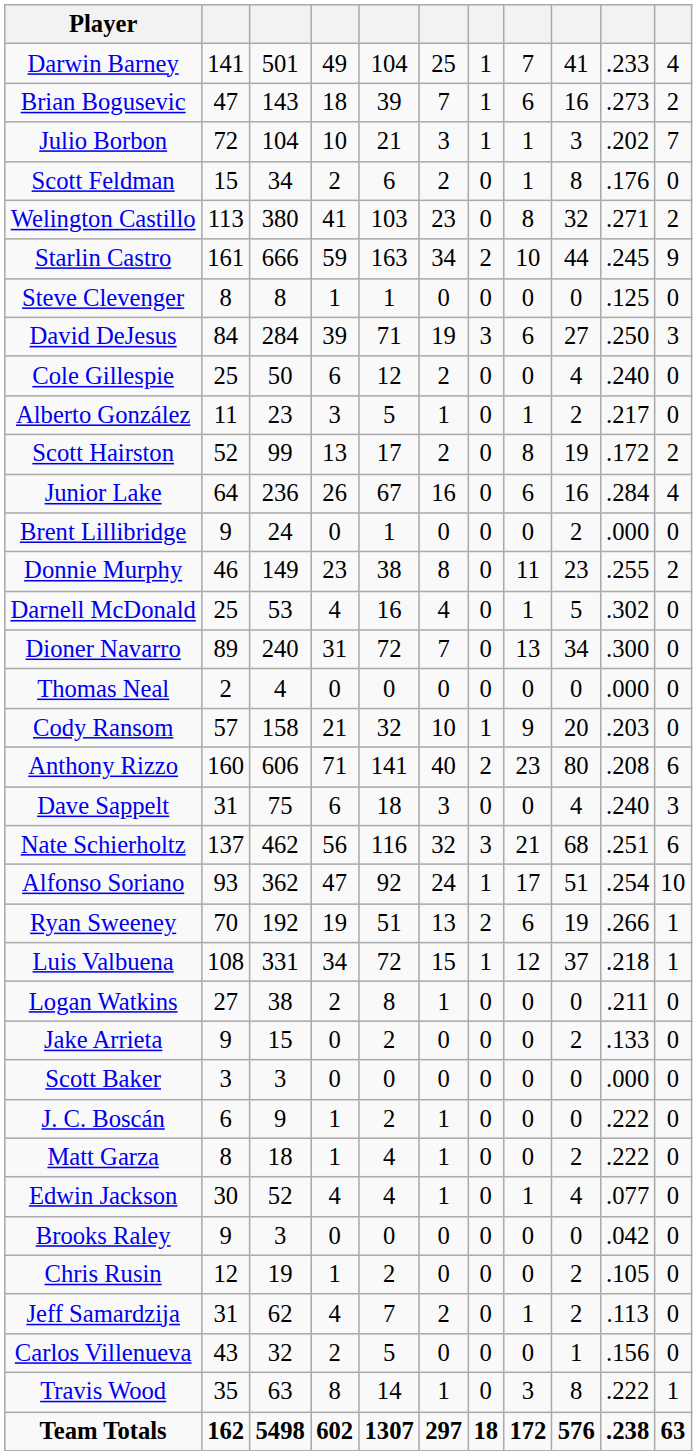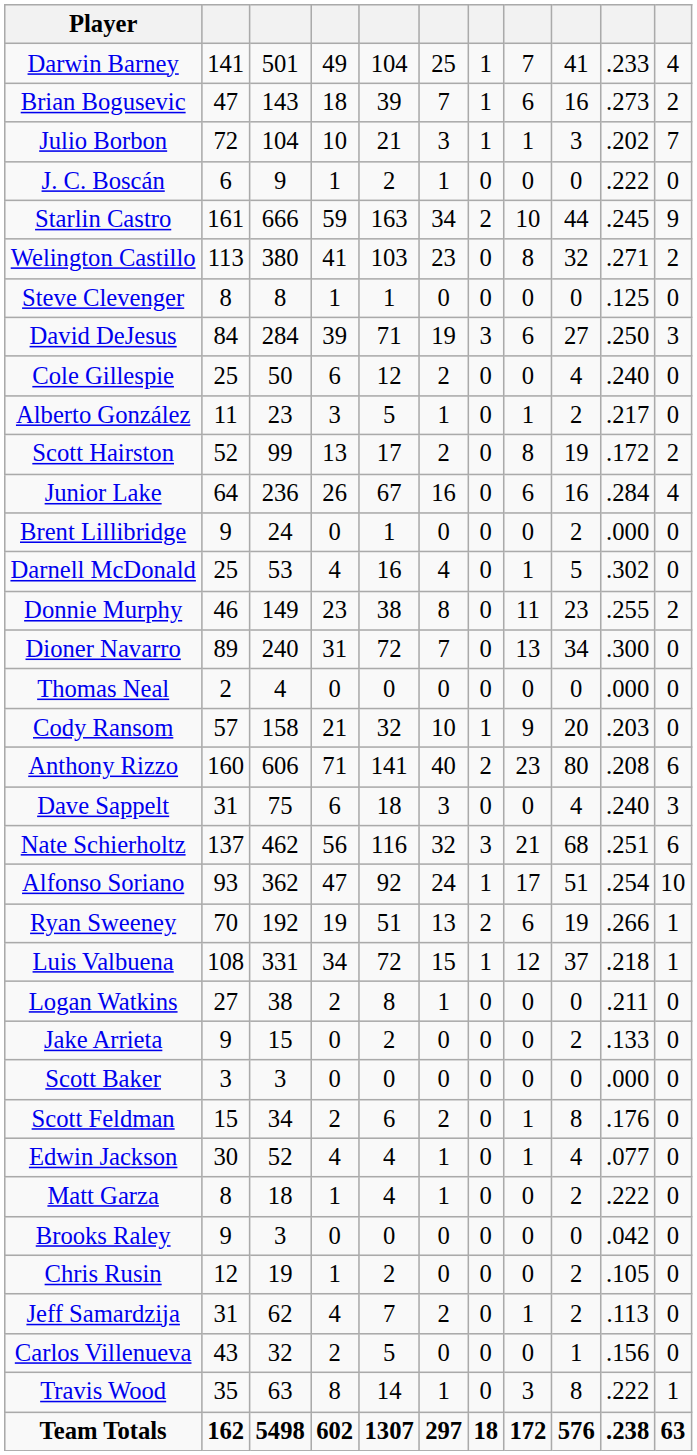 <table class="wikitable sortable" style="text-align:center;">
 <tr>
 <th>Player</th>
 <th></th>
 <th></th>
 <th></th>
 <th></th>
 <th></th>
 <th></th>
 <th></th>
 <th></th>
 <th></th>
 <th></th>
 </tr>
 <tr>
 <td><a href='#'>Darwin Barney</a></td>
 <td>141</td>
 <td>501</td>
 <td>49</td>
 <td>104</td>
 <td>25</td>
 <td>1</td>
 <td>7</td>
 <td>41</td>
 <td>.233</td>
 <td>4</td>
 </tr>
 <tr>
 <td><a href='#'>Brian Bogusevic</a></td>
 <td>47</td>
 <td>143</td>
 <td>18</td>
 <td>39</td>
 <td>7</td>
 <td>1</td>
 <td>6</td>
 <td>16</td>
 <td>.273</td>
 <td>2</td>
 </tr>
 <tr>
 <td><a href='#'>Julio Borbon</a></td>
 <td>72</td>
 <td>104</td>
 <td>10</td>
 <td>21</td>
 <td>3</td>
 <td>1</td>
 <td>1</td>
 <td>3</td>
 <td>.202</td>
 <td>7</td>
 </tr>
 <tr>
-<td><a href='#'>Scott Feldman</a></td>
-<td>15</td>
+<td><a href='#'>J. C. Boscán</a></td>
+<td>6</td>
+<td>9</td>
+<td>1</td>
+<td>2</td>
+<td>1</td>
+<td>0</td>
+<td>0</td>
+<td>0</td>
+<td>.222</td>
+<td>0</td>
+</tr>
+<tr>
+<td><a href='#'>Starlin Castro</a></td>
+<td>161</td>
+<td>666</td>
+<td>59</td>
+<td>163</td>
 <td>34</td>
 <td>2</td>
-<td>6</td>
-<td>2</td>
-<td>0</td>
-<td>1</td>
-<td>8</td>
-<td>.176</td>
-<td>0</td>
+<td>10</td>
+<td>44</td>
+<td>.245</td>
+<td>9</td>
 </tr>
 <tr>
 <td><a href='#'>Welington Castillo</a></td>
 <td>113</td>
 <td>380</td>
 <td>41</td>
 <td>103</td>
 <td>23</td>
 <td>0</td>
 <td>8</td>
 <td>32</td>
 <td>.271</td>
 <td>2</td>
-</tr>
-<tr>
-<td><a href='#'>Starlin Castro</a></td>
-<td>161</td>
-<td>666</td>
-<td>59</td>
-<td>163</td>
-<td>34</td>
-<td>2</td>
-<td>10</td>
-<td>44</td>
-<td>.245</td>
-<td>9</td>
 </tr>
 <tr>
 <td><a href='#'>Steve Clevenger</a></td>
 <td>8</td>
 <td>8</td>
 <td>1</td>
 <td>1</td>
 <td>0</td>
 <td>0</td>
 <td>0</td>
 <td>0</td>
 <td>.125</td>
 <td>0</td>
 </tr>
 <tr>
 <td><a href='#'>David DeJesus</a></td>
 <td>84</td>
 <td>284</td>
 <td>39</td>
 <td>71</td>
 <td>19</td>
 <td>3</td>
 <td>6</td>
 <td>27</td>
 <td>.250</td>
 <td>3</td>
 </tr>
 <tr>
 <td><a href='#'>Cole Gillespie</a></td>
 <td>25</td>
 <td>50</td>
 <td>6</td>
 <td>12</td>
 <td>2</td>
 <td>0</td>
 <td>0</td>
 <td>4</td>
 <td>.240</td>
 <td>0</td>
 </tr>
 <tr>
 <td><a href='#'>Alberto González</a></td>
 <td>11</td>
 <td>23</td>
 <td>3</td>
 <td>5</td>
 <td>1</td>
 <td>0</td>
 <td>1</td>
 <td>2</td>
 <td>.217</td>
 <td>0</td>
 </tr>
 <tr>
 <td><a href='#'>Scott Hairston</a></td>
 <td>52</td>
 <td>99</td>
 <td>13</td>
 <td>17</td>
 <td>2</td>
 <td>0</td>
 <td>8</td>
 <td>19</td>
 <td>.172</td>
 <td>2</td>
 </tr>
 <tr>
 <td><a href='#'>Junior Lake</a></td>
 <td>64</td>
 <td>236</td>
 <td>26</td>
 <td>67</td>
 <td>16</td>
 <td>0</td>
 <td>6</td>
 <td>16</td>
 <td>.284</td>
 <td>4</td>
 </tr>
 <tr>
 <td><a href='#'>Brent Lillibridge</a></td>
 <td>9</td>
 <td>24</td>
 <td>0</td>
 <td>1</td>
 <td>0</td>
 <td>0</td>
 <td>0</td>
 <td>2</td>
 <td>.000</td>
 <td>0</td>
 </tr>
 <tr>
+<td><a href='#'>Darnell McDonald</a></td>
+<td>25</td>
+<td>53</td>
+<td>4</td>
+<td>16</td>
+<td>4</td>
+<td>0</td>
+<td>1</td>
+<td>5</td>
+<td>.302</td>
+<td>0</td>
+</tr>
+<tr>
 <td><a href='#'>Donnie Murphy</a></td>
 <td>46</td>
 <td>149</td>
 <td>23</td>
 <td>38</td>
 <td>8</td>
 <td>0</td>
 <td>11</td>
 <td>23</td>
 <td>.255</td>
 <td>2</td>
-</tr>
-<tr>
-<td><a href='#'>Darnell McDonald</a></td>
-<td>25</td>
-<td>53</td>
-<td>4</td>
-<td>16</td>
-<td>4</td>
-<td>0</td>
-<td>1</td>
-<td>5</td>
-<td>.302</td>
-<td>0</td>
 </tr>
 <tr>
 <td><a href='#'>Dioner Navarro</a></td>
 <td>89</td>
 <td>240</td>
 <td>31</td>
 <td>72</td>
 <td>7</td>
 <td>0</td>
 <td>13</td>
 <td>34</td>
 <td>.300</td>
 <td>0</td>
 </tr>
 <tr>
 <td><a href='#'>Thomas Neal</a></td>
 <td>2</td>
 <td>4</td>
 <td>0</td>
 <td>0</td>
 <td>0</td>
 <td>0</td>
 <td>0</td>
 <td>0</td>
 <td>.000</td>
 <td>0</td>
 </tr>
 <tr>
 <td><a href='#'>Cody Ransom</a></td>
 <td>57</td>
 <td>158</td>
 <td>21</td>
 <td>32</td>
 <td>10</td>
 <td>1</td>
 <td>9</td>
 <td>20</td>
 <td>.203</td>
 <td>0</td>
 </tr>
 <tr>
 <td><a href='#'>Anthony Rizzo</a></td>
 <td>160</td>
 <td>606</td>
 <td>71</td>
 <td>141</td>
 <td>40</td>
 <td>2</td>
 <td>23</td>
 <td>80</td>
 <td>.208</td>
 <td>6</td>
 </tr>
 <tr>
 <td><a href='#'>Dave Sappelt</a></td>
 <td>31</td>
 <td>75</td>
 <td>6</td>
 <td>18</td>
 <td>3</td>
 <td>0</td>
 <td>0</td>
 <td>4</td>
 <td>.240</td>
 <td>3</td>
 </tr>
 <tr>
 <td><a href='#'>Nate Schierholtz</a></td>
 <td>137</td>
 <td>462</td>
 <td>56</td>
 <td>116</td>
 <td>32</td>
 <td>3</td>
 <td>21</td>
 <td>68</td>
 <td>.251</td>
 <td>6</td>
 </tr>
 <tr>
 <td><a href='#'>Alfonso Soriano</a></td>
 <td>93</td>
 <td>362</td>
 <td>47</td>
 <td>92</td>
 <td>24</td>
 <td>1</td>
 <td>17</td>
 <td>51</td>
 <td>.254</td>
 <td>10</td>
 </tr>
 <tr>
 <td><a href='#'>Ryan Sweeney</a></td>
 <td>70</td>
 <td>192</td>
 <td>19</td>
 <td>51</td>
 <td>13</td>
 <td>2</td>
 <td>6</td>
 <td>19</td>
 <td>.266</td>
 <td>1</td>
 </tr>
 <tr>
 <td><a href='#'>Luis Valbuena</a></td>
 <td>108</td>
 <td>331</td>
 <td>34</td>
 <td>72</td>
 <td>15</td>
 <td>1</td>
 <td>12</td>
 <td>37</td>
 <td>.218</td>
 <td>1</td>
 </tr>
 <tr>
 <td><a href='#'>Logan Watkins</a></td>
 <td>27</td>
 <td>38</td>
 <td>2</td>
 <td>8</td>
 <td>1</td>
 <td>0</td>
 <td>0</td>
 <td>0</td>
 <td>.211</td>
 <td>0</td>
 </tr>
 <tr>
 <td><a href='#'>Jake Arrieta</a></td>
 <td>9</td>
 <td>15</td>
 <td>0</td>
 <td>2</td>
 <td>0</td>
 <td>0</td>
 <td>0</td>
 <td>2</td>
 <td>.133</td>
 <td>0</td>
 </tr>
 <tr>
 <td><a href='#'>Scott Baker</a></td>
 <td>3</td>
 <td>3</td>
 <td>0</td>
 <td>0</td>
 <td>0</td>
 <td>0</td>
 <td>0</td>
 <td>0</td>
 <td>.000</td>
 <td>0</td>
 </tr>
 <tr>
-<td><a href='#'>J. C. Boscán</a></td>
+<td><a href='#'>Scott Feldman</a></td>
+<td>15</td>
+<td>34</td>
+<td>2</td>
 <td>6</td>
-<td>9</td>
+<td>2</td>
+<td>0</td>
 <td>1</td>
-<td>2</td>
+<td>8</td>
+<td>.176</td>
+<td>0</td>
+</tr>
+<tr>
+<td><a href='#'>Edwin Jackson</a></td>
+<td>30</td>
+<td>52</td>
+<td>4</td>
+<td>4</td>
 <td>1</td>
 <td>0</td>
-<td>0</td>
-<td>0</td>
-<td>.222</td>
+<td>1</td>
+<td>4</td>
+<td>.077</td>
 <td>0</td>
 </tr>
 <tr>
 <td><a href='#'>Matt Garza</a></td>
 <td>8</td>
 <td>18</td>
 <td>1</td>
 <td>4</td>
 <td>1</td>
 <td>0</td>
 <td>0</td>
 <td>2</td>
 <td>.222</td>
-<td>0</td>
-</tr>
-<tr>
-<td><a href='#'>Edwin Jackson</a></td>
-<td>30</td>
-<td>52</td>
-<td>4</td>
-<td>4</td>
-<td>1</td>
-<td>0</td>
-<td>1</td>
-<td>4</td>
-<td>.077</td>
 <td>0</td>
 </tr>
 <tr>
 <td><a href='#'>Brooks Raley</a></td>
 <td>9</td>
 <td>3</td>
 <td>0</td>
 <td>0</td>
 <td>0</td>
 <td>0</td>
 <td>0</td>
 <td>0</td>
 <td>.042</td>
 <td>0</td>
 </tr>
 <tr>
 <td><a href='#'>Chris Rusin</a></td>
 <td>12</td>
 <td>19</td>
 <td>1</td>
 <td>2</td>
 <td>0</td>
 <td>0</td>
 <td>0</td>
 <td>2</td>
 <td>.105</td>
 <td>0</td>
 </tr>
 <tr>
 <td><a href='#'>Jeff Samardzija</a></td>
 <td>31</td>
 <td>62</td>
 <td>4</td>
 <td>7</td>
 <td>2</td>
 <td>0</td>
 <td>1</td>
 <td>2</td>
 <td>.113</td>
 <td>0</td>
 </tr>
 <tr>
 <td><a href='#'>Carlos Villenueva</a></td>
 <td>43</td>
 <td>32</td>
 <td>2</td>
 <td>5</td>
 <td>0</td>
 <td>0</td>
 <td>0</td>
 <td>1</td>
 <td>.156</td>
 <td>0</td>
 </tr>
 <tr>
 <td><a href='#'>Travis Wood</a></td>
 <td>35</td>
 <td>63</td>
 <td>8</td>
 <td>14</td>
 <td>1</td>
 <td>0</td>
 <td>3</td>
 <td>8</td>
 <td>.222</td>
 <td>1</td>
 </tr>
 <tr>
 <td><strong>Team Totals</strong></td>
 <td><strong>162</strong></td>
 <td><strong>5498</strong></td>
 <td><strong>602</strong></td>
 <td><strong>1307</strong></td>
 <td><strong>297</strong></td>
 <td><strong>18</strong></td>
 <td><strong>172</strong></td>
 <td><strong>576</strong></td>
 <td><strong>.238</strong></td>
 <td><strong>63</strong></td>
 </tr>
 </table>
